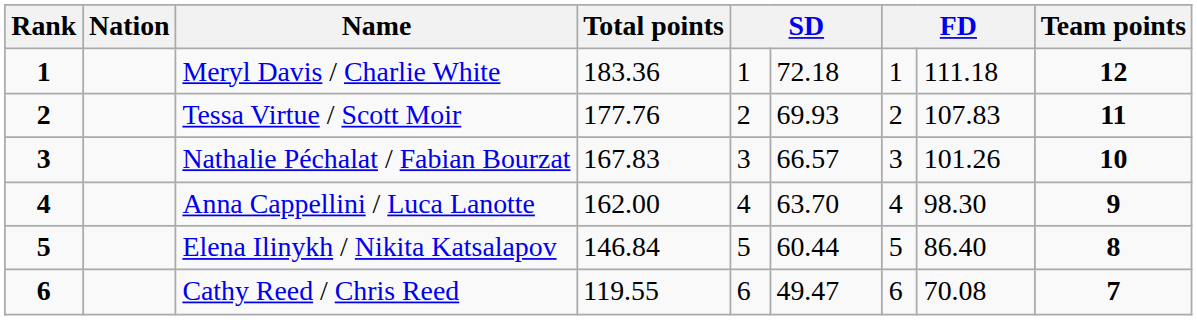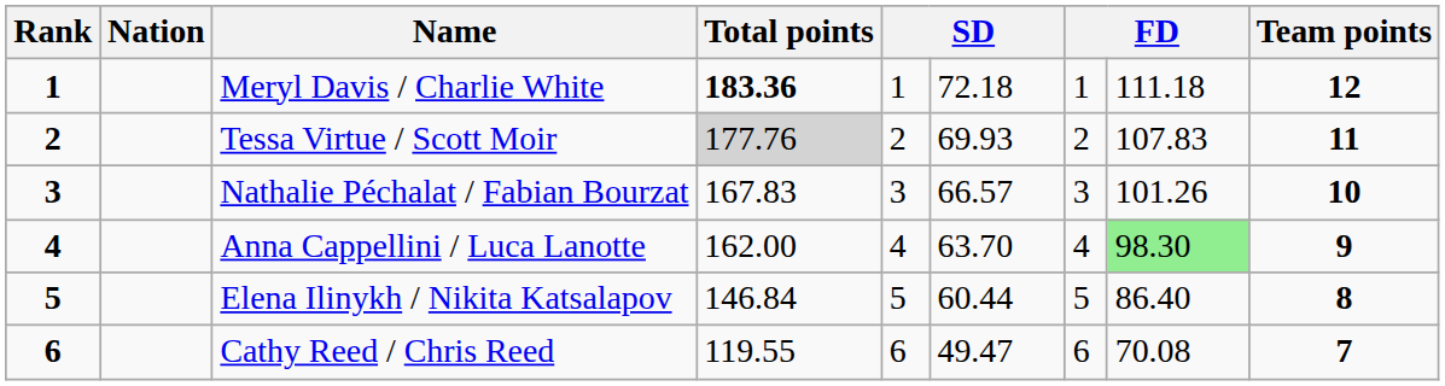 <table class="wikitable sortable">
 <tr>
 <th>Rank</th>
 <th>Nation</th>
 <th>Name</th>
 <th>Total points</th>
 <th colspan="2" width="80px"><a href='#'>SD</a></th>
 <th colspan="2" width="80px"><a href='#'>FD</a></th>
 <th>Team points</th>
 </tr>
 <tr>
 <td align="center"><strong>1</strong></td>
 <td></td>
 <td><a href='#'>Meryl Davis</a> / <a href='#'>Charlie White</a></td>
-<td>183.36</td>
+<td><strong>183.36</strong></td>
 <td>1</td>
 <td>72.18</td>
 <td>1</td>
 <td>111.18</td>
 <td align="center"><strong>12</strong></td>
 </tr>
 <tr>
 <td align="center"><strong>2</strong></td>
 <td></td>
 <td><a href='#'>Tessa Virtue</a> / <a href='#'>Scott Moir</a></td>
-<td>177.76</td>
+<td style="background: lightgrey;">177.76</td>
 <td>2</td>
 <td>69.93</td>
 <td>2</td>
 <td>107.83</td>
 <td align="center"><strong>11</strong></td>
 </tr>
 <tr>
 <td align="center"><strong>3</strong></td>
 <td></td>
 <td><a href='#'>Nathalie Péchalat</a> / <a href='#'>Fabian Bourzat</a></td>
 <td>167.83</td>
 <td>3</td>
 <td>66.57</td>
 <td>3</td>
 <td>101.26</td>
 <td align="center"><strong>10</strong></td>
 </tr>
 <tr>
 <td align="center"><strong>4</strong></td>
 <td></td>
 <td><a href='#'>Anna Cappellini</a> / <a href='#'>Luca Lanotte</a></td>
 <td>162.00</td>
 <td>4</td>
 <td>63.70</td>
 <td>4</td>
-<td>98.30</td>
+<td style="background: lightgreen;">98.30</td>
 <td align="center"><strong>9</strong></td>
 </tr>
 <tr>
 <td align="center"><strong>5</strong></td>
 <td></td>
 <td><a href='#'>Elena Ilinykh</a> / <a href='#'>Nikita Katsalapov</a></td>
 <td>146.84</td>
 <td>5</td>
 <td>60.44</td>
 <td>5</td>
 <td>86.40</td>
 <td align="center"><strong>8</strong></td>
 </tr>
 <tr>
 <td align="center"><strong>6</strong></td>
 <td></td>
 <td><a href='#'>Cathy Reed</a> / <a href='#'>Chris Reed</a></td>
 <td>119.55</td>
 <td>6</td>
 <td>49.47</td>
 <td>6</td>
 <td>70.08</td>
 <td align="center"><strong>7</strong></td>
 </tr>
 </table>
